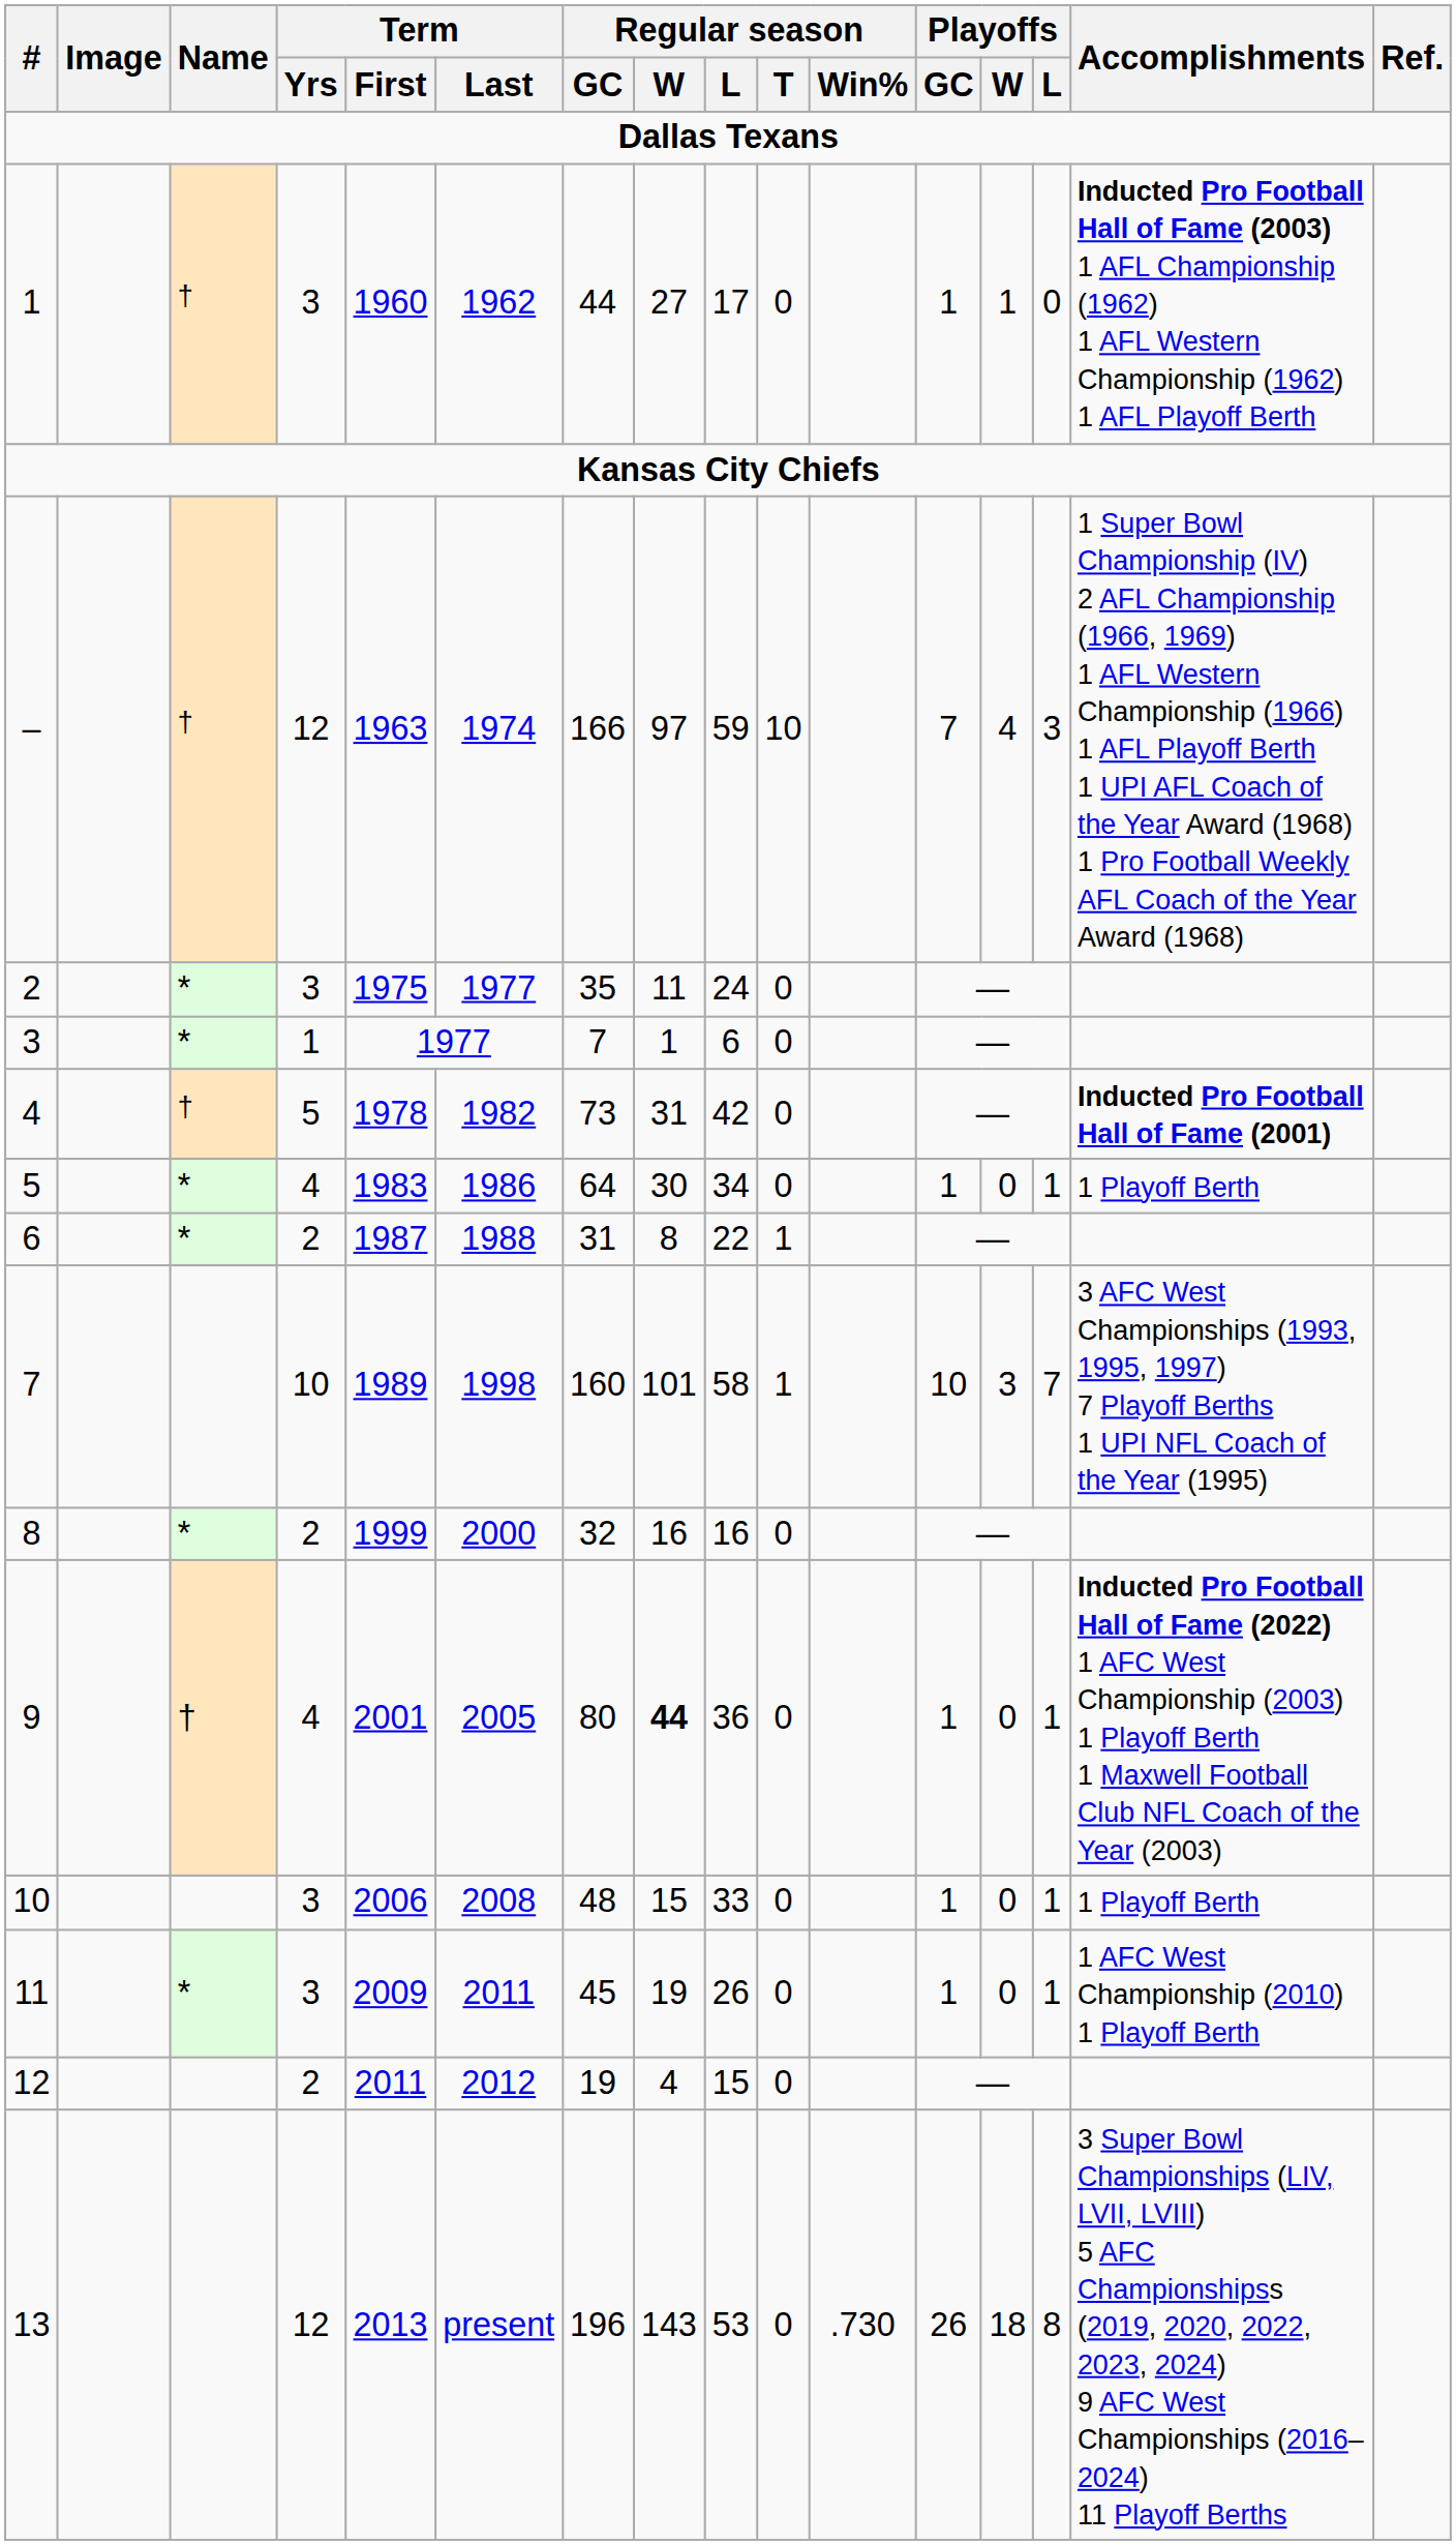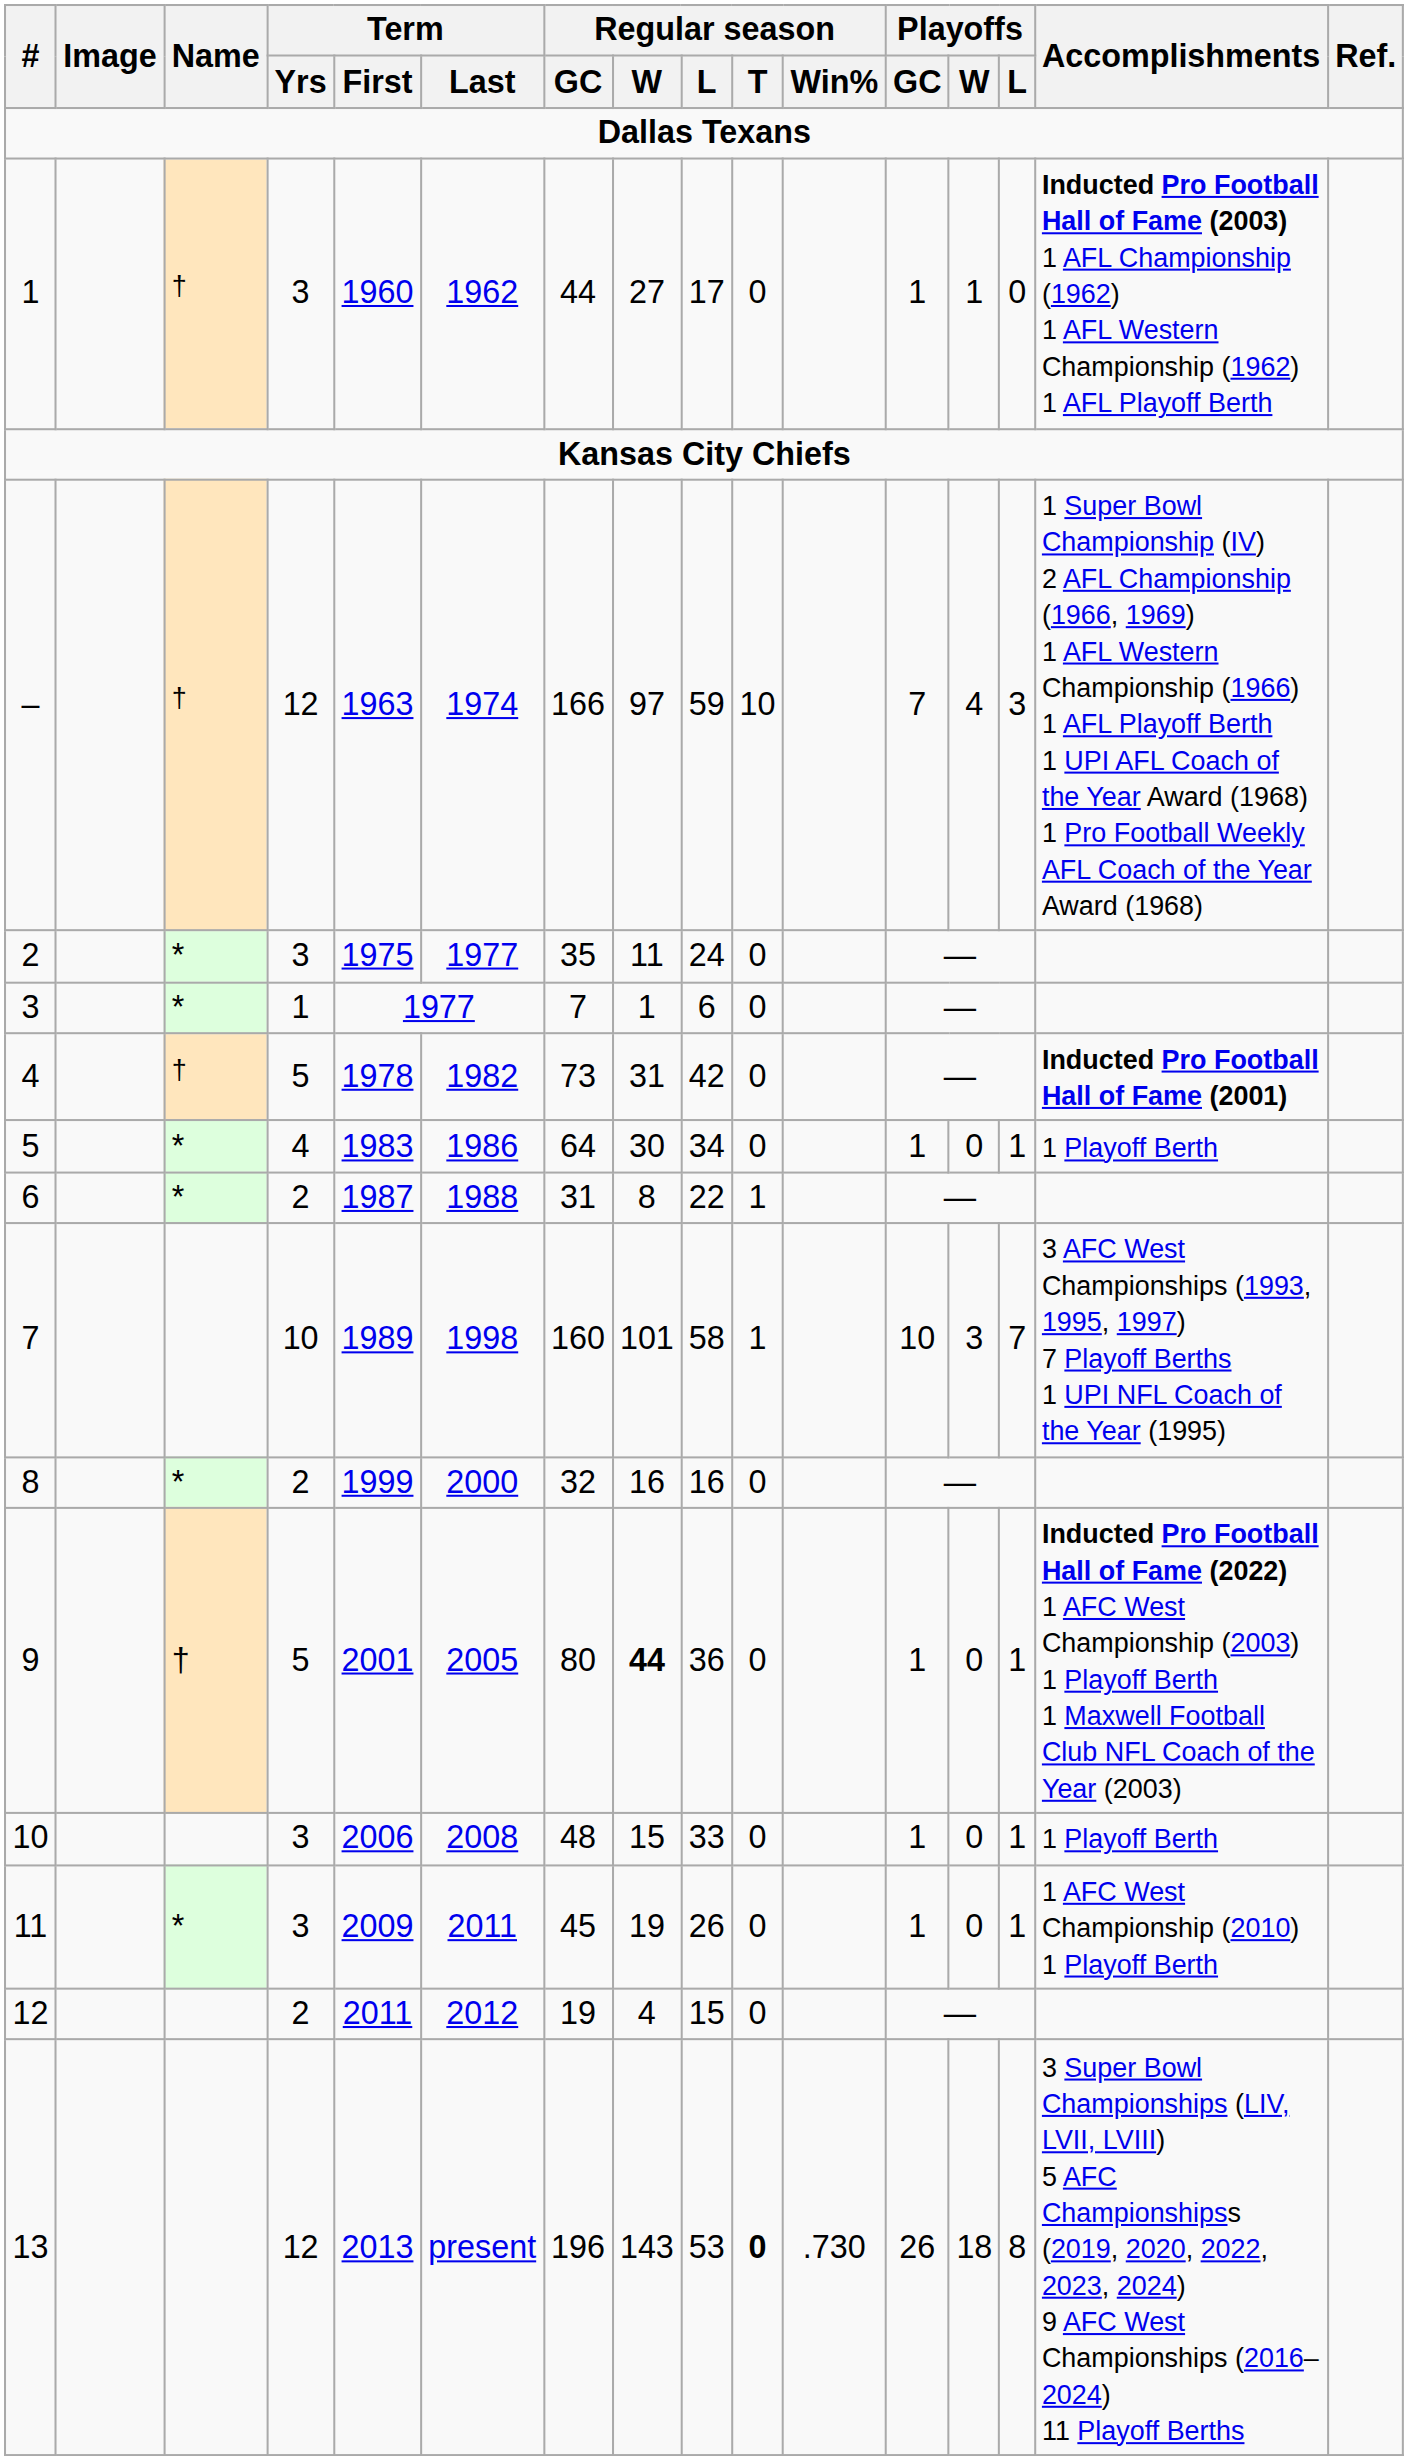 <table class="wikitable sortable" style="text-align:center">
 <tr>
 <th rowspan="2" class="unsortable">#</th>
 <th rowspan="2" class="unsortable">Image</th>
 <th rowspan="2" width="200">Name</th>
 <th colspan="3">Term</th>
 <th colspan="5">Regular season</th>
 <th colspan="3">Playoffs</th>
 <th rowspan="2" class="unsortable">Accomplishments</th>
 <th rowspan="2" class="unsortable">Ref.</th>
 </tr>
 <tr>
 <th>Yrs</th>
 <th>First</th>
 <th>Last</th>
 <th>GC</th>
 <th>W</th>
 <th>L</th>
 <th class="unsortable">T</th>
 <th>Win%</th>
 <th>GC</th>
 <th>W</th>
 <th>L</th>
 </tr>
 <tr>
 <td align="center" colspan="16"><strong>Dallas Texans</strong></td>
 </tr>
 <tr>
 <td>1</td>
 <td></td>
 <td align="left" style="background:#FFE6BD;"><sup>†</sup></td>
 <td>3</td>
 <td><a href='#'>1960</a></td>
 <td><a href='#'>1962</a></td>
 <td>44</td>
 <td>27</td>
 <td>17</td>
 <td>0</td>
 <td></td>
 <td>1</td>
 <td>1</td>
 <td>0</td>
 <td align="left"><small><strong>Inducted <a href='#'>Pro Football Hall of Fame</a> (2003)</strong><br>1 <a href='#'>AFL Championship</a> (<a href='#'>1962</a>) <br> 1 <a href='#'>AFL Western</a> Championship (<a href='#'>1962</a>)<br> 1 <a href='#'>AFL Playoff Berth</a> </small></td>
 <td></td>
 </tr>
 <tr>
 <td align="center" colspan="16"><strong>Kansas City Chiefs</strong></td>
 </tr>
 <tr>
 <td>–</td>
 <td></td>
 <td align="left" style="background:#FFE6BD;"><sup>†</sup></td>
 <td>12</td>
 <td><a href='#'>1963</a></td>
 <td><a href='#'>1974</a></td>
 <td>166</td>
 <td>97</td>
 <td>59</td>
 <td>10</td>
 <td></td>
 <td>7</td>
 <td>4</td>
 <td>3</td>
 <td align="left"><small>1 <a href='#'>Super Bowl Championship</a> (<a href='#'>IV</a>) <br> 2 <a href='#'>AFL Championship</a> (<a href='#'>1966</a>, <a href='#'>1969</a>) <br> 1 <a href='#'>AFL Western</a> Championship (<a href='#'>1966</a>)<br> 1 <a href='#'>AFL Playoff Berth</a> <br>1 <a href='#'>UPI AFL Coach of the Year</a> Award (1968)<br>1 <a href='#'>Pro Football Weekly AFL Coach of the Year</a> Award (1968)</small></td>
 <td></td>
 </tr>
 <tr>
 <td>2</td>
 <td></td>
 <td align="left" style="background:#dfd;">*</td>
 <td>3</td>
 <td><a href='#'>1975</a></td>
 <td><a href='#'>1977</a></td>
 <td>35</td>
 <td>11</td>
 <td>24</td>
 <td>0</td>
 <td></td>
 <td colspan="3">—</td>
 <td></td>
 <td></td>
 </tr>
 <tr>
 <td>3</td>
 <td></td>
 <td align="left" style="background:#dfd;">*</td>
 <td>1</td>
 <td colspan="2"><a href='#'>1977</a></td>
 <td>7</td>
 <td>1</td>
 <td>6</td>
 <td>0</td>
 <td></td>
 <td colspan="3">—</td>
 <td></td>
 <td></td>
 </tr>
 <tr>
 <td>4</td>
 <td></td>
 <td align="left" style="background:#FFE6BD;"><sup>†</sup></td>
 <td>5</td>
 <td><a href='#'>1978</a></td>
 <td><a href='#'>1982</a></td>
 <td>73</td>
 <td>31</td>
 <td>42</td>
 <td>0</td>
 <td></td>
 <td colspan="3">—</td>
 <td align="left"><small><strong>Inducted <a href='#'>Pro Football Hall of Fame</a> (2001)</strong></small></td>
 <td></td>
 </tr>
 <tr>
 <td>5</td>
 <td></td>
 <td align="left" style="background:#dfd;">*</td>
 <td>4</td>
 <td><a href='#'>1983</a></td>
 <td><a href='#'>1986</a></td>
 <td>64</td>
 <td>30</td>
 <td>34</td>
 <td>0</td>
 <td></td>
 <td>1</td>
 <td>0</td>
 <td>1</td>
 <td align="left"><small> 1 <a href='#'>Playoff Berth</a> </small></td>
 <td></td>
 </tr>
 <tr>
 <td>6</td>
 <td></td>
 <td align="left" style="background:#dfd;">*</td>
 <td>2</td>
 <td><a href='#'>1987</a></td>
 <td><a href='#'>1988</a></td>
 <td>31</td>
 <td>8</td>
 <td>22</td>
 <td>1</td>
 <td></td>
 <td colspan="3">—</td>
 <td></td>
 <td></td>
 </tr>
 <tr>
 <td>7</td>
 <td></td>
 <td align="left"></td>
 <td>10</td>
 <td><a href='#'>1989</a></td>
 <td><a href='#'>1998</a></td>
 <td>160</td>
 <td>101</td>
 <td>58</td>
 <td>1</td>
 <td></td>
 <td>10</td>
 <td>3</td>
 <td>7</td>
 <td align="left"><small>3 <a href='#'>AFC West</a> Championships (<a href='#'>1993</a>, <a href='#'>1995</a>, <a href='#'>1997</a>)<br>7 <a href='#'>Playoff Berths</a> <br> 1 <a href='#'>UPI NFL Coach of the Year</a> (1995)</small></td>
 <td></td>
 </tr>
 <tr>
 <td>8</td>
 <td></td>
 <td align="left" style="background:#dfd;">*</td>
 <td>2</td>
 <td><a href='#'>1999</a></td>
 <td><a href='#'>2000</a></td>
 <td>32</td>
 <td>16</td>
 <td>16</td>
 <td>0</td>
 <td></td>
 <td colspan="3">—</td>
 <td></td>
 <td></td>
 </tr>
 <tr>
 <td>9</td>
 <td></td>
 <td align="left" style="background:#FFE6BD;">†</td>
-<td>4</td>
+<td>5</td>
 <td><a href='#'>2001</a></td>
 <td><a href='#'>2005</a></td>
 <td>80</td>
 <td><strong>44</strong></td>
 <td>36</td>
 <td>0</td>
 <td></td>
 <td>1</td>
 <td>0</td>
 <td>1</td>
 <td align="left"><small><strong>Inducted <a href='#'>Pro Football Hall of Fame</a> (2022)</strong><br>1 <a href='#'>AFC West</a> Championship (<a href='#'>2003</a>)<br>1 <a href='#'>Playoff Berth</a> <br>1 <a href='#'>Maxwell Football Club NFL Coach of the Year</a> (2003)</small></td>
 <td></td>
 </tr>
 <tr>
 <td>10</td>
 <td></td>
 <td align="left"></td>
 <td>3</td>
 <td><a href='#'>2006</a></td>
 <td><a href='#'>2008</a></td>
 <td>48</td>
 <td>15</td>
 <td>33</td>
 <td>0</td>
 <td></td>
 <td>1</td>
 <td>0</td>
 <td>1</td>
 <td align="left"><small> 1 <a href='#'>Playoff Berth</a> </small></td>
 <td></td>
 </tr>
 <tr>
 <td>11</td>
 <td></td>
 <td align="left" style="background:#dfd;">*</td>
 <td>3</td>
 <td><a href='#'>2009</a></td>
 <td><a href='#'>2011</a></td>
 <td>45</td>
 <td>19</td>
 <td>26</td>
 <td>0</td>
 <td></td>
 <td>1</td>
 <td>0</td>
 <td>1</td>
 <td align="left"><small>1 <a href='#'>AFC West</a> Championship (<a href='#'>2010</a>)<br>1 <a href='#'>Playoff Berth</a></small></td>
 <td></td>
 </tr>
 <tr>
 <td>12</td>
 <td></td>
 <td align="left"></td>
 <td>2</td>
 <td><a href='#'>2011</a></td>
 <td><a href='#'>2012</a></td>
 <td>19</td>
 <td>4</td>
 <td>15</td>
 <td>0</td>
 <td></td>
 <td colspan="3">—</td>
 <td></td>
 <td></td>
 </tr>
 <tr>
 <td>13</td>
 <td></td>
 <td align="left"></td>
 <td>12</td>
 <td><a href='#'>2013</a></td>
 <td><a href='#'>present</a></td>
 <td>196</td>
 <td>143</td>
 <td>53</td>
-<td>0</td>
+<td><strong>0</strong></td>
 <td>.730</td>
 <td>26</td>
 <td>18</td>
 <td>8</td>
 <td align="left"><small>3 <a href='#'>Super Bowl Championships</a> (<a href='#'>LIV, LVII, LVIII</a>)<br>5 <a href='#'>AFC Championships</a>s (<a href='#'>2019</a>, <a href='#'>2020</a>, <a href='#'>2022</a>, <a href='#'>2023</a>, <a href='#'>2024</a>)<br>9 <a href='#'>AFC West</a> Championships (<a href='#'>2016</a>–<a href='#'>2024</a>) <br>11 <a href='#'>Playoff Berths</a></small></td>
 <td></td>
 </tr>
 <tr>
 </tr>
 </table>
